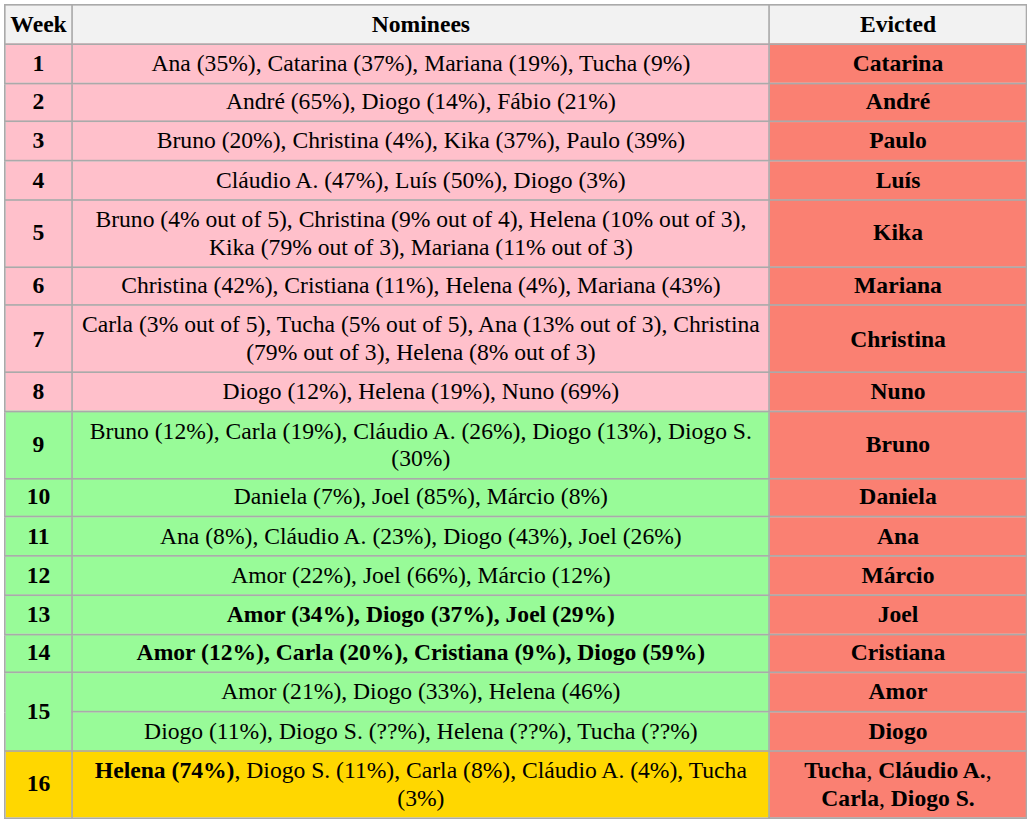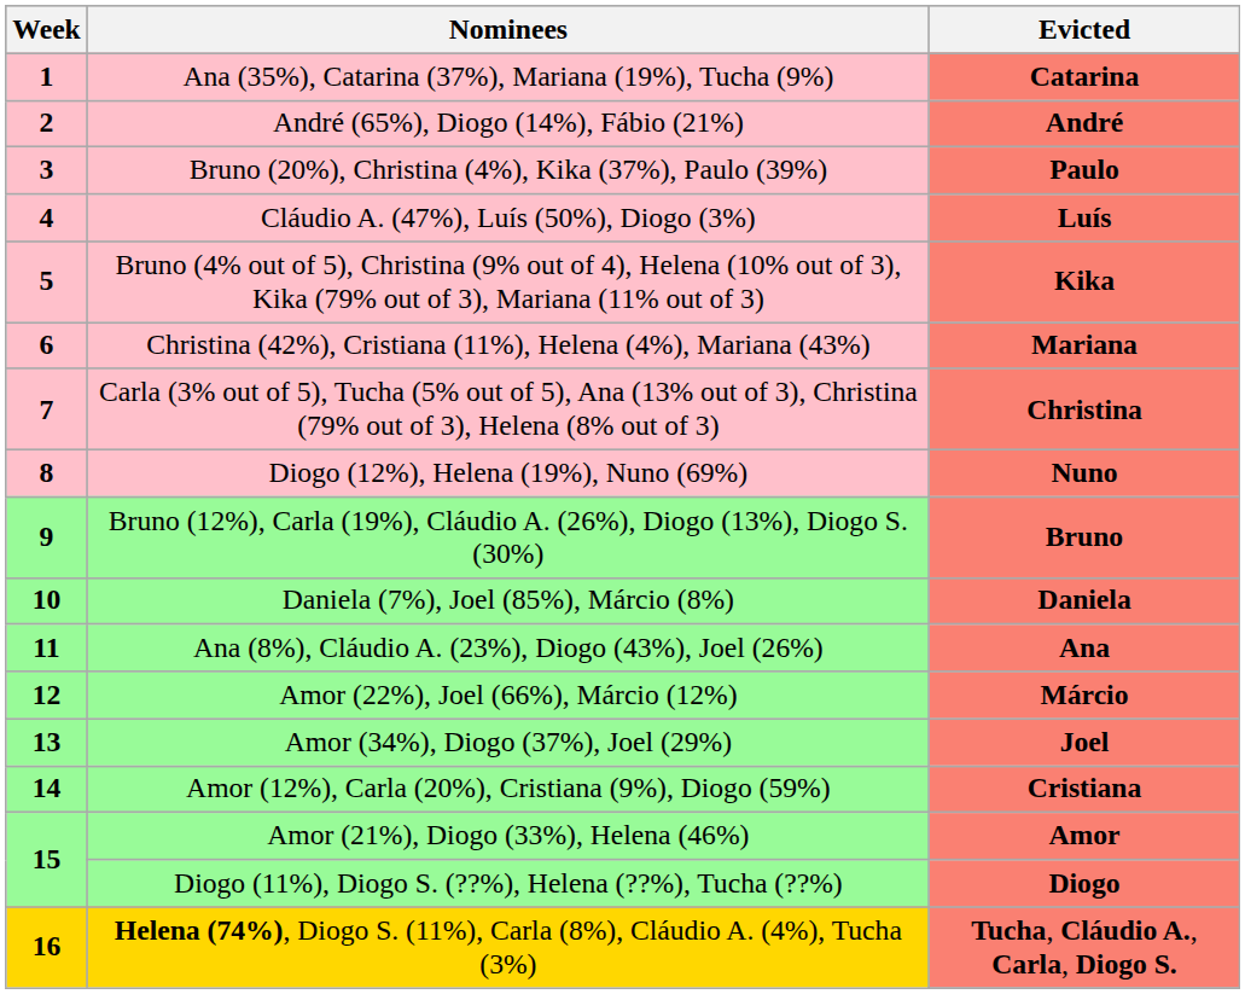 <table class="wikitable" style="font-size:90%; text-align:center; margin-right: auto">
 <tr>
 <th>Week</th>
 <th>Nominees</th>
 <th>Evicted</th>
 </tr>
 <tr>
 <td bgcolor="pink"><strong>1</strong></td>
 <td bgcolor="pink">Ana (35%), Catarina (37%), Mariana (19%), Tucha (9%)</td>
 <td bgcolor="salmon"><strong>Catarina</strong></td>
 </tr>
 <tr>
 <td bgcolor="pink"><strong>2</strong></td>
 <td bgcolor="pink">André (65%), Diogo (14%), Fábio (21%)</td>
 <td bgcolor="salmon"><strong>André</strong></td>
 </tr>
 <tr>
 <td bgcolor="pink"><strong>3</strong></td>
 <td bgcolor="pink">Bruno (20%), Christina (4%), Kika (37%), Paulo (39%)</td>
 <td bgcolor="salmon"><strong>Paulo</strong></td>
 </tr>
 <tr>
 <td bgcolor="pink"><strong>4</strong></td>
 <td bgcolor="pink">Cláudio A. (47%), Luís (50%), Diogo (3%)</td>
 <td bgcolor="salmon"><strong>Luís</strong></td>
 </tr>
 <tr>
 <td bgcolor="pink"><strong>5</strong></td>
 <td bgcolor="pink">Bruno (4% out of 5), Christina (9% out of 4), Helena (10% out of 3), Kika (79% out of 3), Mariana (11% out of 3)</td>
 <td bgcolor="salmon"><strong>Kika</strong></td>
 </tr>
 <tr>
 <td bgcolor="pink"><strong>6</strong></td>
 <td bgcolor="pink">Christina (42%), Cristiana (11%), Helena (4%), Mariana (43%)</td>
 <td bgcolor="salmon"><strong>Mariana</strong></td>
 </tr>
 <tr>
 <td bgcolor="pink"><strong>7</strong></td>
 <td bgcolor="pink">Carla (3% out of 5), Tucha (5% out of 5), Ana (13% out of 3), Christina (79% out of 3), Helena (8% out of 3)</td>
 <td bgcolor="salmon"><strong>Christina</strong></td>
 </tr>
 <tr>
 <td bgcolor="pink"><strong>8</strong></td>
 <td bgcolor="pink">Diogo (12%), Helena (19%), Nuno (69%)</td>
 <td bgcolor="salmon"><strong>Nuno</strong></td>
 </tr>
 <tr>
 <td bgcolor="palegreen"><strong>9</strong></td>
 <td bgcolor="palegreen">Bruno (12%), Carla (19%), Cláudio A. (26%), Diogo (13%), Diogo S. (30%)</td>
 <td bgcolor="salmon"><strong>Bruno</strong></td>
 </tr>
 <tr>
 <td bgcolor="palegreen"><strong>10</strong></td>
 <td bgcolor="palegreen">Daniela (7%), Joel (85%), Márcio (8%)</td>
 <td bgcolor="salmon"><strong>Daniela</strong></td>
 </tr>
 <tr>
 <td bgcolor="palegreen"><strong>11</strong></td>
 <td bgcolor="palegreen">Ana (8%), Cláudio A. (23%), Diogo (43%), Joel (26%)</td>
 <td bgcolor="salmon"><strong>Ana</strong></td>
 </tr>
 <tr>
 <td bgcolor="palegreen"><strong>12</strong></td>
 <td bgcolor="palegreen">Amor (22%), Joel (66%), Márcio (12%)</td>
 <td bgcolor="salmon"><strong>Márcio</strong></td>
 </tr>
 <tr>
 <td bgcolor="palegreen"><strong>13</strong></td>
-<td bgcolor="palegreen"><strong>Amor (34%), Diogo (37%), Joel (29%)</strong></td>
+<td bgcolor="palegreen">Amor (34%), Diogo (37%), Joel (29%)</td>
 <td bgcolor="salmon"><strong>Joel</strong></td>
 </tr>
 <tr>
 <td bgcolor="palegreen"><strong>14</strong></td>
-<td bgcolor="palegreen"><strong>Amor (12%), Carla (20%), Cristiana (9%), Diogo (59%)</strong></td>
+<td bgcolor="palegreen">Amor (12%), Carla (20%), Cristiana (9%), Diogo (59%)</td>
 <td bgcolor="salmon"><strong>Cristiana</strong></td>
 </tr>
 <tr>
 <td rowspan=2 bgcolor="palegreen"><strong>15</strong></td>
 <td bgcolor="palegreen">Amor (21%), Diogo (33%), Helena (46%)</td>
 <td bgcolor="salmon"><strong>Amor</strong></td>
 </tr>
 <tr>
 <td bgcolor="palegreen">Diogo (11%), Diogo S. (??%), Helena (??%), Tucha (??%)</td>
 <td bgcolor="salmon"><strong>Diogo</strong></td>
 </tr>
 <tr>
 <td rowspan="5" bgcolor="gold"><strong>16</strong></td>
 <td rowspan="5" bgcolor="gold"><strong>Helena (74%)</strong>, Diogo S. (11%), Carla (8%), Cláudio A. (4%), Tucha (3%)</td>
 <td bgcolor="salmon"><strong>Tucha</strong>, <strong>Cláudio A.</strong>, <strong>Carla</strong>, <strong>Diogo S.</strong></td>
 </tr>
 <tr>
 </tr>
 </table>
